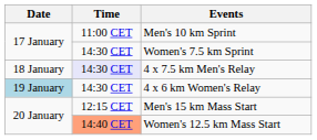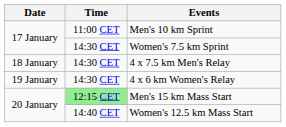 <table class="wikitable" style="text-align: center" width="420">
 <tr>
 <th>Date</th>
 <th>Time</th>
 <th>Events</th>
 </tr>
 <tr>
 <td rowspan=2>17 January</td>
 <td>11:00 <a href='#'>CET</a></td>
 <td style="text-align: left">Men's 10 km Sprint</td>
 </tr>
 <tr>
 <td>14:30 <a href='#'>CET</a></td>
 <td style="text-align: left">Women's 7.5 km Sprint</td>
 </tr>
 <tr>
 <td>18 January</td>
-<td style="background: lavender;">14:30 <a href='#'>CET</a></td>
+<td>14:30 <a href='#'>CET</a></td>
 <td style="text-align: left">4 x 7.5 km Men's Relay</td>
 </tr>
 <tr>
-<td style="background: lightblue;">19 January</td>
+<td>19 January</td>
 <td>14:30 <a href='#'>CET</a></td>
 <td style="text-align: left">4 x 6 km Women's Relay</td>
 </tr>
 <tr>
 <td rowspan=2>20 January</td>
-<td>12:15 <a href='#'>CET</a></td>
+<td style="background: lightgreen;">12:15 <a href='#'>CET</a></td>
 <td style="text-align: left">Men's 15 km Mass Start</td>
 </tr>
 <tr>
-<td style="background: lightsalmon;">14:40 <a href='#'>CET</a></td>
+<td>14:40 <a href='#'>CET</a></td>
 <td style="text-align: left">Women's 12.5 km Mass Start</td>
 </tr>
 </table>
